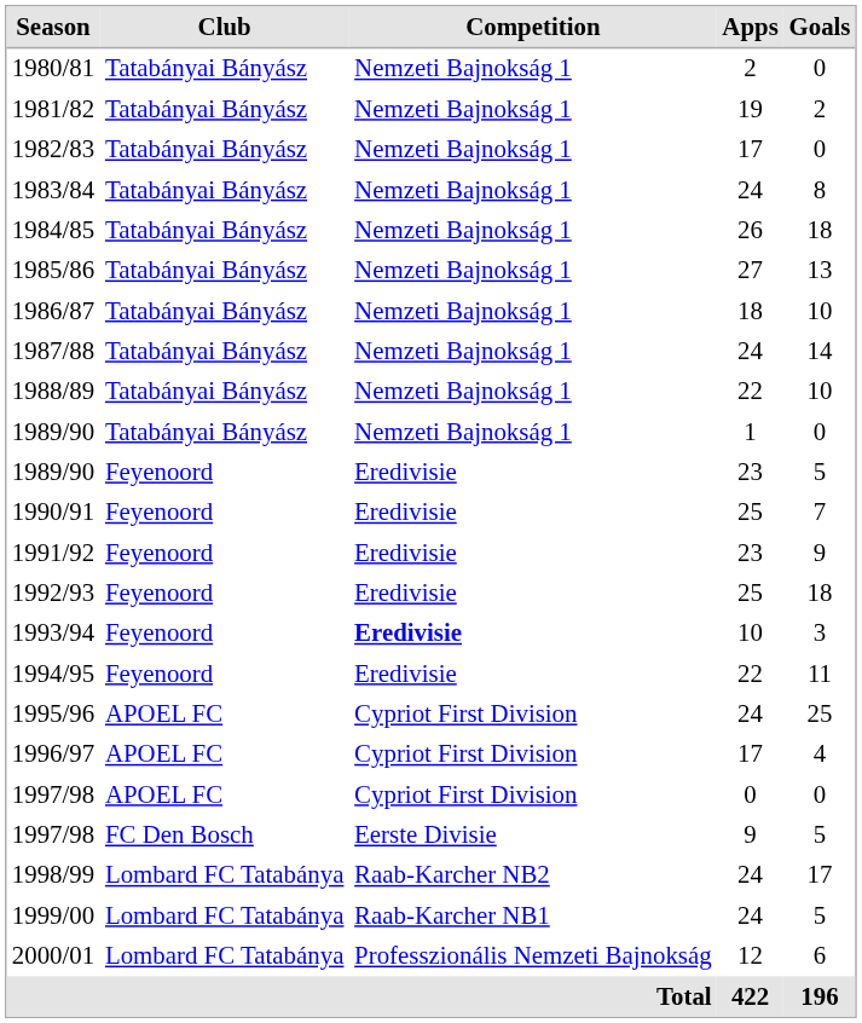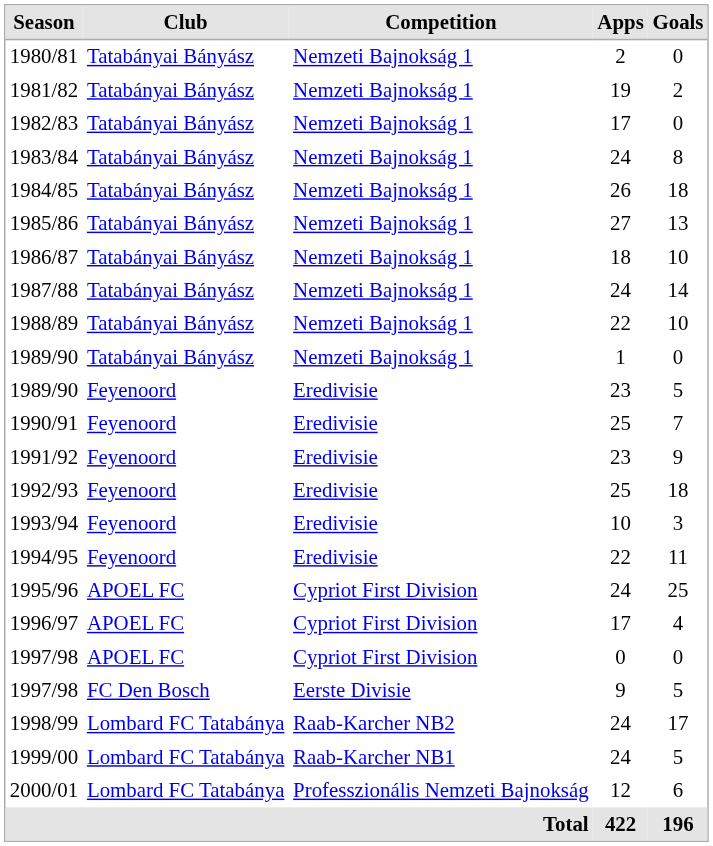 <table cellspacing="0" cellpadding="3" style="border:1px solid #aaa; font-size:90%;">
 <tr style="background:#e4e4e4;">
 <th style="border-bottom:1px solid #aaa;">Season</th>
 <th style="border-bottom:1px solid #aaa;">Club</th>
 <th style="border-bottom:1px solid #aaa;">Competition</th>
 <th style="border-bottom:1px solid #aaa; text-align:center;">Apps</th>
 <th style="border-bottom:1px solid #aaa; text-align:center;">Goals</th>
 </tr>
 <tr>
 <td>1980/81</td>
 <td><a href='#'>Tatabányai Bányász</a></td>
 <td><a href='#'>Nemzeti Bajnokság 1</a></td>
 <td style="text-align:center;">2</td>
 <td style="text-align:center;">0</td>
 </tr>
 <tr>
 <td>1981/82</td>
 <td><a href='#'>Tatabányai Bányász</a></td>
 <td><a href='#'>Nemzeti Bajnokság 1</a></td>
 <td style="text-align:center;">19</td>
 <td style="text-align:center;">2</td>
 </tr>
 <tr>
 <td>1982/83</td>
 <td><a href='#'>Tatabányai Bányász</a></td>
 <td><a href='#'>Nemzeti Bajnokság 1</a></td>
 <td style="text-align:center;">17</td>
 <td style="text-align:center;">0</td>
 </tr>
 <tr>
 <td>1983/84</td>
 <td><a href='#'>Tatabányai Bányász</a></td>
 <td><a href='#'>Nemzeti Bajnokság 1</a></td>
 <td style="text-align:center;">24</td>
 <td style="text-align:center;">8</td>
 </tr>
 <tr>
 <td>1984/85</td>
 <td><a href='#'>Tatabányai Bányász</a></td>
 <td><a href='#'>Nemzeti Bajnokság 1</a></td>
 <td style="text-align:center;">26</td>
 <td style="text-align:center;">18</td>
 </tr>
 <tr>
 <td>1985/86</td>
 <td><a href='#'>Tatabányai Bányász</a></td>
 <td><a href='#'>Nemzeti Bajnokság 1</a></td>
 <td style="text-align:center;">27</td>
 <td style="text-align:center;">13</td>
 </tr>
 <tr>
 <td>1986/87</td>
 <td><a href='#'>Tatabányai Bányász</a></td>
 <td><a href='#'>Nemzeti Bajnokság 1</a></td>
 <td style="text-align:center;">18</td>
 <td style="text-align:center;">10</td>
 </tr>
 <tr>
 <td>1987/88</td>
 <td><a href='#'>Tatabányai Bányász</a></td>
 <td><a href='#'>Nemzeti Bajnokság 1</a></td>
 <td style="text-align:center;">24</td>
 <td style="text-align:center;">14</td>
 </tr>
 <tr>
 <td>1988/89</td>
 <td><a href='#'>Tatabányai Bányász</a></td>
 <td><a href='#'>Nemzeti Bajnokság 1</a></td>
 <td style="text-align:center;">22</td>
 <td style="text-align:center;">10</td>
 </tr>
 <tr>
 <td>1989/90</td>
 <td><a href='#'>Tatabányai Bányász</a></td>
 <td><a href='#'>Nemzeti Bajnokság 1</a></td>
 <td style="text-align:center;">1</td>
 <td style="text-align:center;">0</td>
 </tr>
 <tr>
 <td>1989/90</td>
 <td><a href='#'>Feyenoord</a></td>
 <td><a href='#'>Eredivisie</a></td>
 <td style="text-align:center;">23</td>
 <td style="text-align:center;">5</td>
 </tr>
 <tr>
 <td>1990/91</td>
 <td><a href='#'>Feyenoord</a></td>
 <td><a href='#'>Eredivisie</a></td>
 <td style="text-align:center;">25</td>
 <td style="text-align:center;">7</td>
 </tr>
 <tr>
 <td>1991/92</td>
 <td><a href='#'>Feyenoord</a></td>
 <td><a href='#'>Eredivisie</a></td>
 <td style="text-align:center;">23</td>
 <td style="text-align:center;">9</td>
 </tr>
 <tr>
 <td>1992/93</td>
 <td><a href='#'>Feyenoord</a></td>
 <td><a href='#'>Eredivisie</a></td>
 <td style="text-align:center;">25</td>
 <td style="text-align:center;">18</td>
 </tr>
 <tr>
 <td>1993/94</td>
 <td><a href='#'>Feyenoord</a></td>
-<td><strong><a href='#'>Eredivisie</a></strong></td>
+<td><a href='#'>Eredivisie</a></td>
 <td style="text-align:center;">10</td>
 <td style="text-align:center;">3</td>
 </tr>
 <tr>
 <td>1994/95</td>
 <td><a href='#'>Feyenoord</a></td>
 <td><a href='#'>Eredivisie</a></td>
 <td style="text-align:center;">22</td>
 <td style="text-align:center;">11</td>
 </tr>
 <tr>
 <td>1995/96</td>
 <td><a href='#'>APOEL FC</a></td>
 <td><a href='#'>Cypriot First Division</a></td>
 <td style="text-align:center;">24</td>
 <td style="text-align:center;">25</td>
 </tr>
 <tr>
 <td>1996/97</td>
 <td><a href='#'>APOEL FC</a></td>
 <td><a href='#'>Cypriot First Division</a></td>
 <td style="text-align:center;">17</td>
 <td style="text-align:center;">4</td>
 </tr>
 <tr>
 <td>1997/98</td>
 <td><a href='#'>APOEL FC</a></td>
 <td><a href='#'>Cypriot First Division</a></td>
 <td style="text-align:center;">0</td>
 <td style="text-align:center;">0</td>
 </tr>
 <tr>
 <td>1997/98</td>
 <td><a href='#'>FC Den Bosch</a></td>
 <td><a href='#'>Eerste Divisie</a></td>
 <td style="text-align:center;">9</td>
 <td style="text-align:center;">5</td>
 </tr>
 <tr>
 <td>1998/99</td>
 <td><a href='#'>Lombard FC Tatabánya</a></td>
 <td><a href='#'>Raab-Karcher NB2</a></td>
 <td style="text-align:center;">24</td>
 <td style="text-align:center;">17</td>
 </tr>
 <tr>
 <td>1999/00</td>
 <td><a href='#'>Lombard FC Tatabánya</a></td>
 <td><a href='#'>Raab-Karcher NB1</a></td>
 <td style="text-align:center;">24</td>
 <td style="text-align:center;">5</td>
 </tr>
 <tr>
 <td>2000/01</td>
 <td><a href='#'>Lombard FC Tatabánya</a></td>
 <td><a href='#'>Professzionális Nemzeti Bajnokság</a></td>
 <td style="text-align:center;">12</td>
 <td style="text-align:center;">6</td>
 </tr>
 <tr style="background:#E4E4E4;">
 <th ! colspan=3 style="text-align:right;">Total</th>
 <th>422</th>
 <th>196</th>
 </tr>
 </table>
